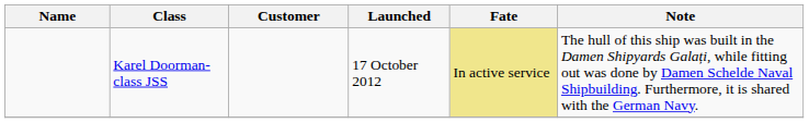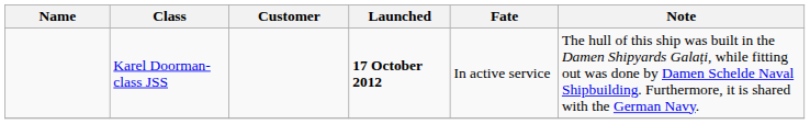 <table class="wikitable mw-collapsible mw-collapsed">
 <tr>
 <th width="200">Name</th>
 <th width="200">Class</th>
 <th width="200">Customer</th>
 <th width="150">Launched</th>
 <th width="200">Fate</th>
 <th width="500">Note</th>
 </tr>
 <tr>
 <td></td>
 <td><a href='#'>Karel Doorman-class JSS</a></td>
 <td></td>
-<td>17 October 2012</td>
-<td style="background: khaki;">In active service</td>
+<td><strong>17 October 2012</strong></td>
+<td>In active service</td>
 <td>The hull of this ship was built in the <em>Damen Shipyards Galați</em>, while fitting out was done by <a href='#'>Damen Schelde Naval Shipbuilding</a>. Furthermore, it is shared with the <a href='#'>German Navy</a>.</td>
 </tr>
 <tr>
 </tr>
 </table>
